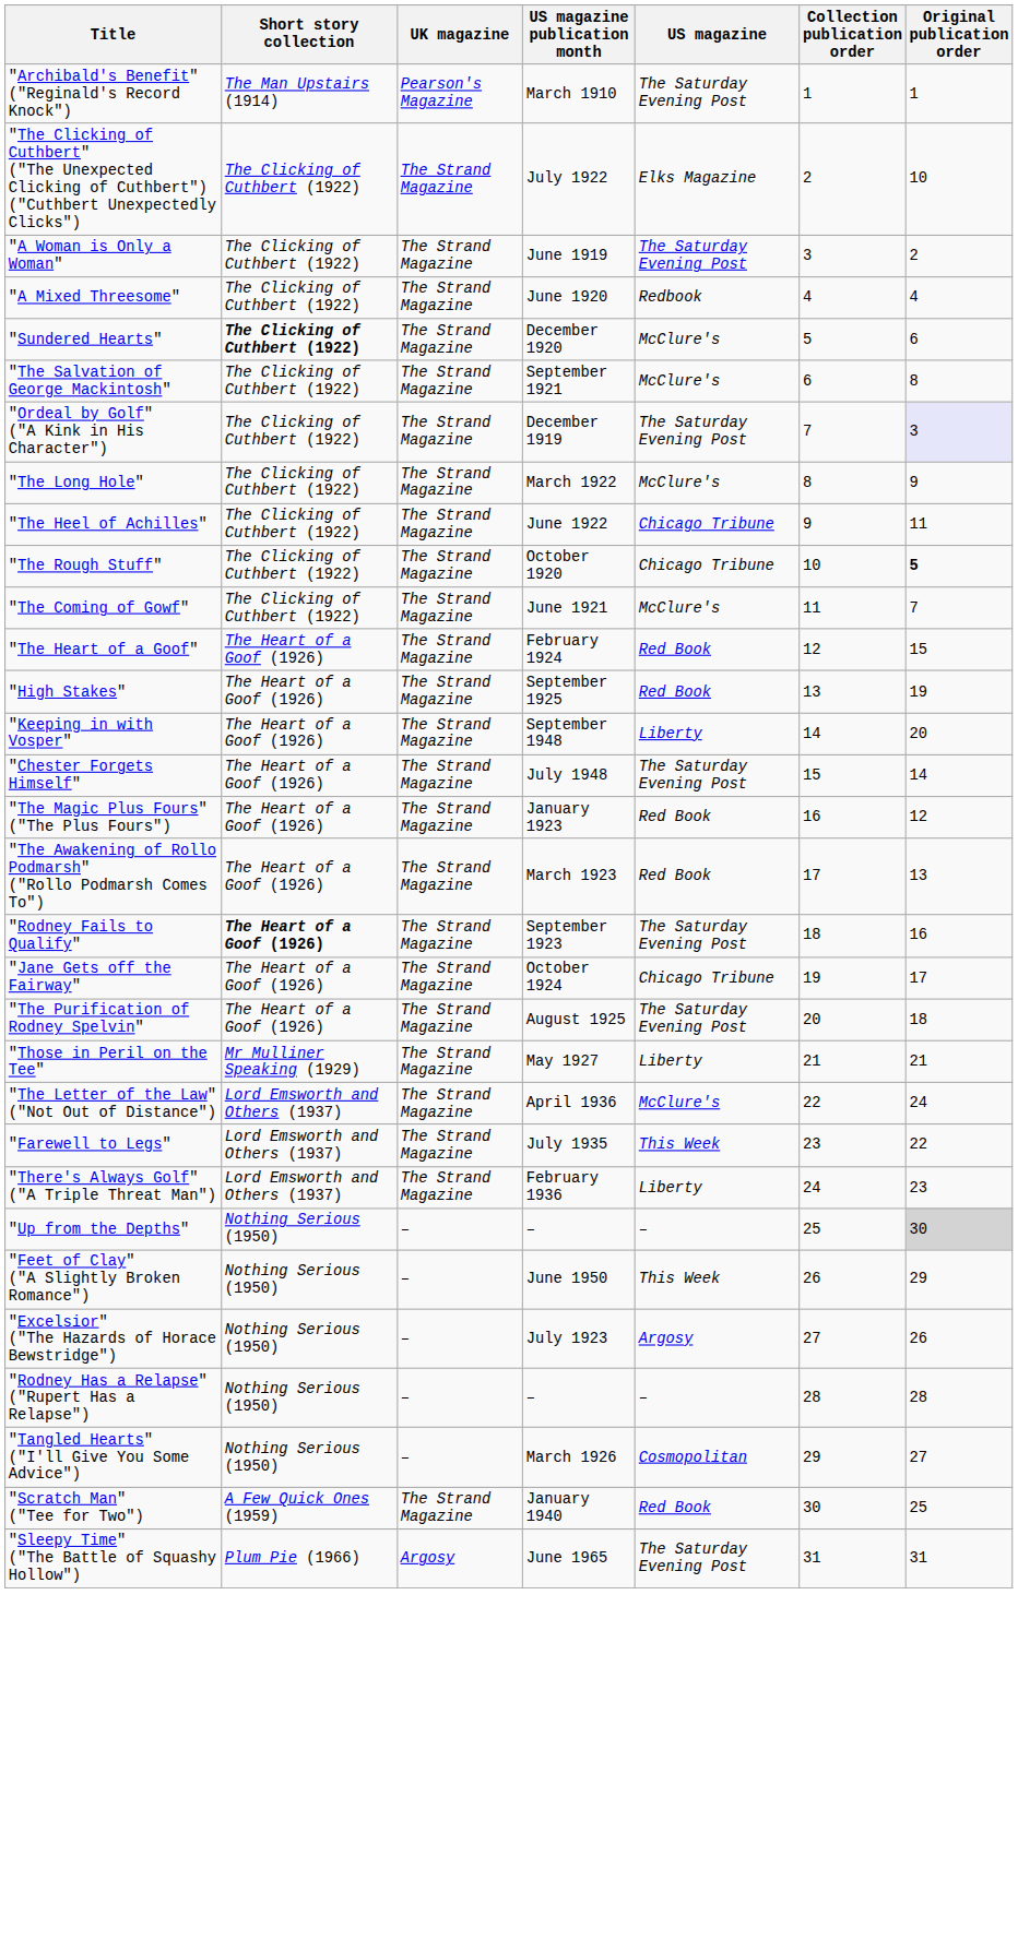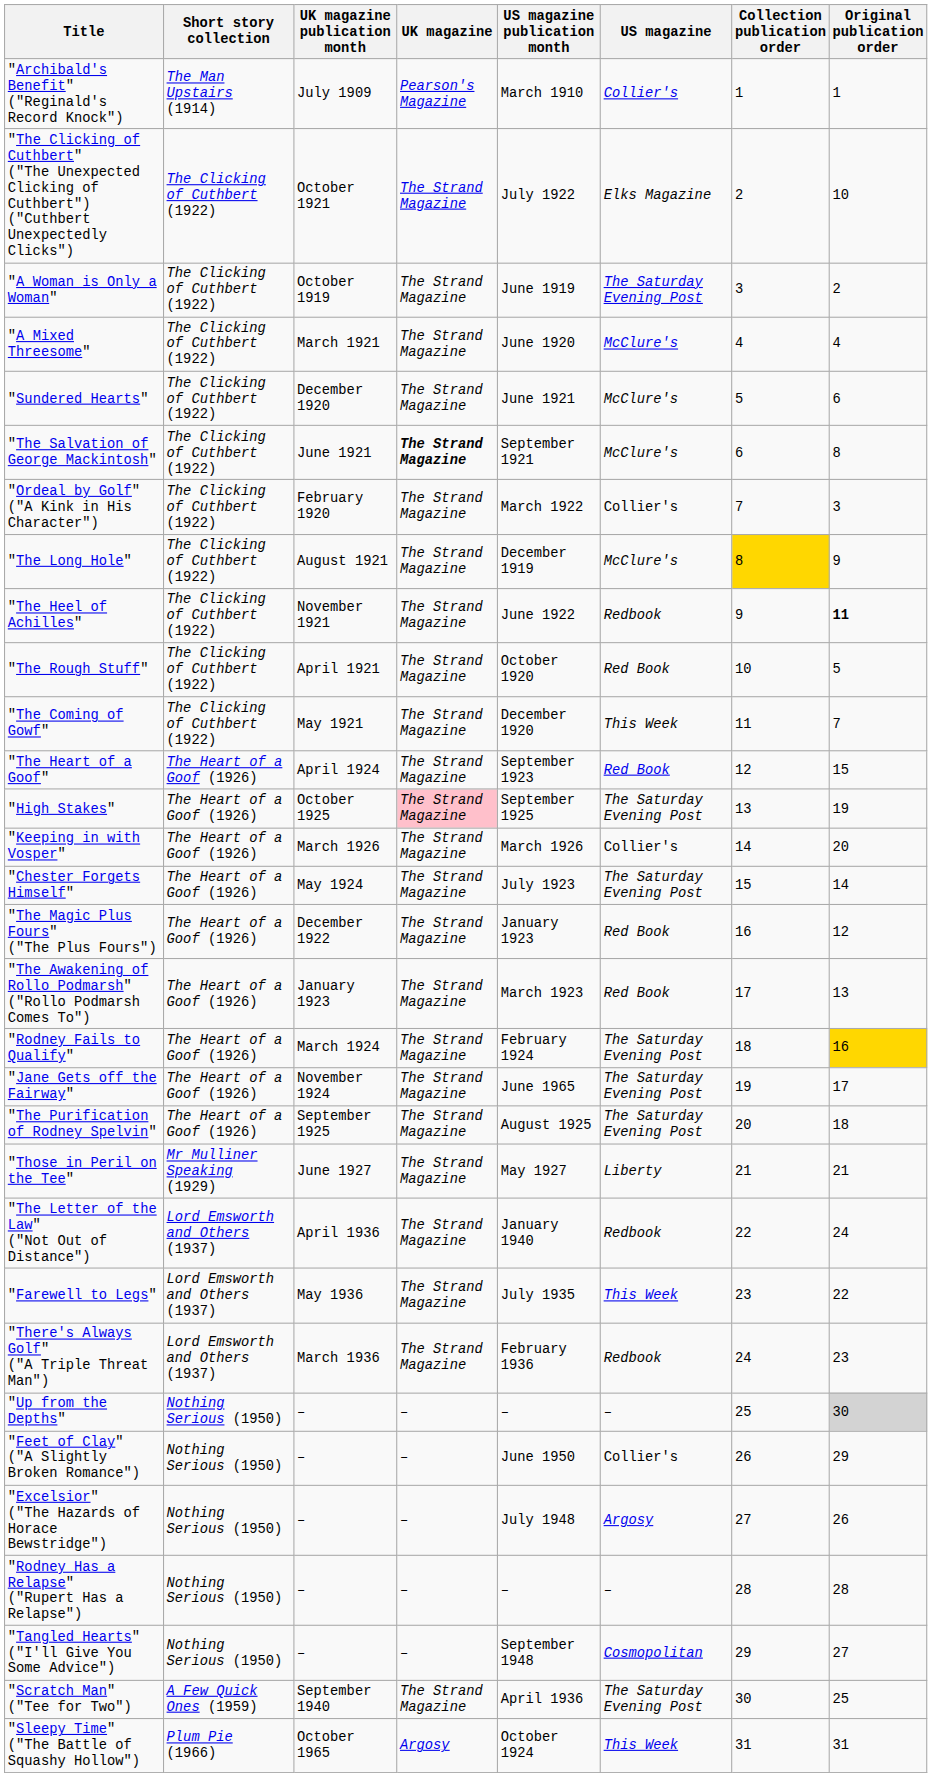 <table class="wikitable sortable">
 <tr>
 <th>Title</th>
 <th>Short story collection</th>
+<th style="width: 7em;">UK magazine publication month</th>
 <th>UK magazine</th>
 <th style="width: 7em;">US magazine publication month</th>
 <th>US magazine</th>
 <th style="width: 1em;">Collection publication order</th>
 <th style="width: 1em;">Original publication order</th>
 </tr>
 <tr>
 <td>"<a href='#'>Archibald's Benefit</a>"<br>("Reginald's Record Knock")</td>
 <td data-sort-value="1914"><em><a href='#'>The Man Upstairs</a></em> (1914)</td>
+<td data-sort-value="1909-07">July 1909</td>
 <td><em><a href='#'>Pearson's Magazine</a></em></td>
 <td data-sort-value="1910-03">March 1910</td>
-<td data-sort-value="Saturday"><em>The Saturday Evening Post</em></td>
+<td><em><a href='#'>Collier's</a></em></td>
 <td>1</td>
 <td>1</td>
 </tr>
 <tr>
 <td>"<a href='#'>The Clicking of Cuthbert</a>"<br>("The Unexpected Clicking of Cuthbert")<br>("Cuthbert Unexpectedly Clicks")</td>
 <td data-sort-value="1922"><em><a href='#'>The Clicking of Cuthbert</a></em> (1922)</td>
+<td data-sort-value="1921-10">October 1921</td>
 <td data-sort-value="Strand"><em><a href='#'>The Strand Magazine</a></em></td>
 <td data-sort-value="1922-07">July 1922</td>
 <td><em>Elks Magazine</em></td>
 <td>2</td>
 <td>10</td>
 </tr>
 <tr>
 <td>"<a href='#'>A Woman is Only a Woman</a>"</td>
 <td data-sort-value="1922"><em>The Clicking of Cuthbert</em> (1922)</td>
+<td data-sort-value="1919-10">October 1919</td>
 <td data-sort-value="Strand"><em>The Strand Magazine</em></td>
 <td data-sort-value="1919-06">June 1919</td>
 <td data-sort-value="Saturday"><em><a href='#'>The Saturday Evening Post</a></em></td>
 <td>3</td>
 <td>2</td>
 </tr>
 <tr>
 <td>"<a href='#'>A Mixed Threesome</a>"</td>
 <td data-sort-value="1922"><em>The Clicking of Cuthbert</em> (1922)</td>
+<td data-sort-value="1921-03">March 1921</td>
 <td data-sort-value="Strand"><em>The Strand Magazine</em></td>
 <td data-sort-value="1920-06">June 1920</td>
-<td><em>Redbook</em></td>
+<td><em><a href='#'>McClure's</a></em></td>
 <td>4</td>
 <td>4</td>
 </tr>
 <tr>
 <td>"<a href='#'>Sundered Hearts</a>"</td>
-<td data-sort-value="1922"><strong><em>The Clicking of Cuthbert</em> (1922)</strong></td>
+<td data-sort-value="1922"><em>The Clicking of Cuthbert</em> (1922)</td>
+<td data-sort-value="1920-12">December 1920</td>
 <td data-sort-value="Strand"><em>The Strand Magazine</em></td>
-<td data-sort-value="1920-12">December 1920</td>
+<td data-sort-value="1921-06">June 1921</td>
 <td><em>McClure's</em></td>
 <td>5</td>
 <td>6</td>
 </tr>
 <tr>
 <td>"<a href='#'>The Salvation of George Mackintosh</a>"</td>
 <td data-sort-value="1922"><em>The Clicking of Cuthbert</em> (1922)</td>
-<td data-sort-value="Strand"><em>The Strand Magazine</em></td>
+<td data-sort-value="1921-06">June 1921</td>
+<td data-sort-value="Strand"><strong><em>The Strand Magazine</em></strong></td>
 <td data-sort-value="1921-09">September 1921</td>
 <td><em>McClure's</em></td>
 <td>6</td>
 <td>8</td>
 </tr>
 <tr>
 <td>"<a href='#'>Ordeal by Golf</a>"<br>("A Kink in His Character")</td>
 <td data-sort-value="1922"><em>The Clicking of Cuthbert</em> (1922)</td>
+<td data-sort-value="1920-02">February 1920</td>
 <td data-sort-value="Strand"><em>The Strand Magazine</em></td>
-<td data-sort-value="1919-12">December 1919</td>
-<td data-sort-value="Saturday"><em>The Saturday Evening Post</em></td>
+<td data-sort-value="1922-03">March 1922</td>
+<td>Collier's</td>
 <td>7</td>
-<td style="background: lavender;">3</td>
+<td>3</td>
 </tr>
 <tr>
 <td>"<a href='#'>The Long Hole</a>"</td>
 <td data-sort-value="1922"><em>The Clicking of Cuthbert</em> (1922)</td>
+<td data-sort-value="1921-08">August 1921</td>
 <td data-sort-value="Strand"><em>The Strand Magazine</em></td>
-<td data-sort-value="1922-03">March 1922</td>
+<td data-sort-value="1919-12">December 1919</td>
 <td><em>McClure's</em></td>
-<td>8</td>
+<td style="background: gold;">8</td>
 <td>9</td>
 </tr>
 <tr>
 <td>"<a href='#'>The Heel of Achilles</a>"</td>
 <td data-sort-value="1922"><em>The Clicking of Cuthbert</em> (1922)</td>
+<td data-sort-value="1921-11">November 1921</td>
 <td data-sort-value="Strand"><em>The Strand Magazine</em></td>
 <td data-sort-value="1922-06">June 1922</td>
-<td><em><a href='#'>Chicago Tribune</a></em></td>
+<td><em>Redbook</em></td>
 <td>9</td>
-<td>11</td>
+<td><strong>11</strong></td>
 </tr>
 <tr>
 <td>"<a href='#'>The Rough Stuff</a>"</td>
 <td data-sort-value="1922"><em>The Clicking of Cuthbert</em> (1922)</td>
+<td data-sort-value="1921-04">April 1921</td>
 <td data-sort-value="Strand"><em>The Strand Magazine</em></td>
 <td data-sort-value="1920-10">October 1920</td>
-<td><em>Chicago Tribune</em></td>
+<td><em>Red Book</em></td>
 <td>10</td>
-<td><strong>5</strong></td>
+<td>5</td>
 </tr>
 <tr>
 <td>"<a href='#'>The Coming of Gowf</a>"</td>
 <td data-sort-value="1922"><em>The Clicking of Cuthbert</em> (1922)</td>
+<td data-sort-value="1921-05">May 1921</td>
 <td data-sort-value="Strand"><em>The Strand Magazine</em></td>
-<td data-sort-value="1921-06">June 1921</td>
-<td><em>McClure's</em></td>
+<td data-sort-value="1920-12">December 1920</td>
+<td><em>This Week</em></td>
 <td>11</td>
 <td>7</td>
 </tr>
 <tr>
 <td>"<a href='#'>The Heart of a Goof</a>"</td>
 <td data-sort-value="1926"><em><a href='#'>The Heart of a Goof</a></em> (1926)</td>
+<td data-sort-value="1924-04">April 1924</td>
 <td data-sort-value="Strand"><em>The Strand Magazine</em></td>
-<td data-sort-value="1924-02">February 1924</td>
+<td data-sort-value="1923-09">September 1923</td>
 <td><em><a href='#'>Red Book</a></em></td>
 <td>12</td>
 <td>15</td>
 </tr>
 <tr>
 <td>"<a href='#'>High Stakes</a>"</td>
 <td data-sort-value="1926"><em>The Heart of a Goof</em> (1926)</td>
-<td data-sort-value="Strand"><em>The Strand Magazine</em></td>
+<td data-sort-value="1925-10">October 1925</td>
+<td data-sort-value="Strand" style="background: pink;"><em>The Strand Magazine</em></td>
 <td data-sort-value="1925-09">September 1925</td>
-<td><em><a href='#'>Red Book</a></em></td>
+<td data-sort-value="Saturday"><em>The Saturday Evening Post</em></td>
 <td>13</td>
 <td>19</td>
 </tr>
 <tr>
 <td>"<a href='#'>Keeping in with Vosper</a>"</td>
 <td data-sort-value="1926"><em>The Heart of a Goof</em> (1926)</td>
+<td data-sort-value="1926-03">March 1926</td>
 <td data-sort-value="Strand"><em>The Strand Magazine</em></td>
-<td data-sort-value="1948-09">September 1948</td>
-<td><em><a href='#'>Liberty</a></em></td>
+<td data-sort-value="1926-03">March 1926</td>
+<td>Collier's</td>
 <td>14</td>
 <td>20</td>
 </tr>
 <tr>
 <td>"<a href='#'>Chester Forgets Himself</a>"</td>
 <td data-sort-value="1926"><em>The Heart of a Goof</em> (1926)</td>
+<td data-sort-value="1924-05">May 1924</td>
 <td data-sort-value="Strand"><em>The Strand Magazine</em></td>
-<td data-sort-value="1948-07">July 1948</td>
+<td data-sort-value="1923-07">July 1923</td>
 <td data-sort-value="Saturday"><em>The Saturday Evening Post</em></td>
 <td>15</td>
 <td>14</td>
 </tr>
 <tr>
 <td>"<a href='#'>The Magic Plus Fours</a>"<br>("The Plus Fours")</td>
 <td data-sort-value="1926"><em>The Heart of a Goof</em> (1926)</td>
+<td data-sort-value="1922-12">December 1922</td>
 <td data-sort-value="Strand"><em>The Strand Magazine</em></td>
 <td data-sort-value="1923-01">January 1923</td>
 <td><em>Red Book</em></td>
 <td>16</td>
 <td>12</td>
 </tr>
 <tr>
 <td>"<a href='#'>The Awakening of Rollo Podmarsh</a>"<br>("Rollo Podmarsh Comes To")</td>
 <td data-sort-value="1926"><em>The Heart of a Goof</em> (1926)</td>
+<td data-sort-value="1923-01">January 1923</td>
 <td data-sort-value="Strand"><em>The Strand Magazine</em></td>
 <td data-sort-value="1923-03">March 1923</td>
 <td><em>Red Book</em></td>
 <td>17</td>
 <td>13</td>
 </tr>
 <tr>
 <td>"<a href='#'>Rodney Fails to Qualify</a>"</td>
-<td data-sort-value="1926"><strong><em>The Heart of a Goof</em> (1926)</strong></td>
+<td data-sort-value="1926"><em>The Heart of a Goof</em> (1926)</td>
+<td data-sort-value="1924-03">March 1924</td>
 <td data-sort-value="Strand"><em>The Strand Magazine</em></td>
-<td data-sort-value="1923-09">September 1923</td>
+<td data-sort-value="1924-02">February 1924</td>
 <td data-sort-value="Saturday"><em>The Saturday Evening Post</em></td>
 <td>18</td>
-<td>16</td>
+<td style="background: gold;">16</td>
 </tr>
 <tr>
 <td>"<a href='#'>Jane Gets off the Fairway</a>"</td>
 <td data-sort-value="1926"><em>The Heart of a Goof</em> (1926)</td>
+<td data-sort-value="1924-11">November 1924</td>
 <td data-sort-value="Strand"><em>The Strand Magazine</em></td>
-<td data-sort-value="1924-10">October 1924</td>
-<td><em>Chicago Tribune</em></td>
+<td data-sort-value="1965-06">June 1965</td>
+<td data-sort-value="Saturday"><em>The Saturday Evening Post</em></td>
 <td>19</td>
 <td>17</td>
 </tr>
 <tr>
 <td>"<a href='#'>The Purification of Rodney Spelvin</a>"</td>
 <td data-sort-value="1926"><em>The Heart of a Goof</em> (1926)</td>
+<td data-sort-value="1925-09">September 1925</td>
 <td data-sort-value="Strand"><em>The Strand Magazine</em></td>
 <td data-sort-value="1925-08">August 1925</td>
 <td data-sort-value="Saturday"><em>The Saturday Evening Post</em></td>
 <td>20</td>
 <td>18</td>
 </tr>
 <tr>
 <td>"<a href='#'>Those in Peril on the Tee</a>"</td>
 <td data-sort-value="1929"><em><a href='#'>Mr Mulliner Speaking</a></em> (1929)</td>
+<td data-sort-value="1927-06">June 1927</td>
 <td data-sort-value="Strand"><em>The Strand Magazine</em></td>
 <td data-sort-value="1927-05">May 1927</td>
 <td><em>Liberty</em></td>
 <td>21</td>
 <td>21</td>
 </tr>
 <tr>
 <td>"<a href='#'>The Letter of the Law</a>"<br>("Not Out of Distance")</td>
 <td data-sort-value="1937"><em><a href='#'>Lord Emsworth and Others</a></em> (1937)</td>
+<td data-sort-value="1936-04">April 1936</td>
 <td data-sort-value="Strand"><em>The Strand Magazine</em></td>
-<td data-sort-value="1936-04">April 1936</td>
-<td><em><a href='#'>McClure's</a></em></td>
+<td data-sort-value="1940-01">January 1940</td>
+<td><em>Redbook</em></td>
 <td>22</td>
 <td>24</td>
 </tr>
 <tr>
 <td>"<a href='#'>Farewell to Legs</a>"</td>
 <td data-sort-value="1937"><em>Lord Emsworth and Others</em> (1937)</td>
+<td data-sort-value="1936-05">May 1936</td>
 <td data-sort-value="Strand"><em>The Strand Magazine</em></td>
 <td data-sort-value="1935-07">July 1935</td>
 <td><em><a href='#'>This Week</a></em></td>
 <td>23</td>
 <td>22</td>
 </tr>
 <tr>
 <td>"<a href='#'>There's Always Golf</a>"<br>("A Triple Threat Man")</td>
 <td data-sort-value="1937"><em>Lord Emsworth and Others</em> (1937)</td>
+<td data-sort-value="1936-03">March 1936</td>
 <td data-sort-value="Strand"><em>The Strand Magazine</em></td>
 <td data-sort-value="1936-02">February 1936</td>
-<td><em>Liberty</em></td>
+<td><em>Redbook</em></td>
 <td>24</td>
 <td>23</td>
 </tr>
 <tr>
 <td>"<a href='#'>Up from the Depths</a>"</td>
 <td data-sort-value="1950"><em><a href='#'>Nothing Serious</a></em> (1950)</td>
+<td data-sort-value="9999">–</td>
 <td data-sort-value="zz">–</td>
 <td data-sort-value="9999">–</td>
 <td data-sort-value="zz">–</td>
 <td>25</td>
 <td style="background: lightgrey;">30</td>
 </tr>
 <tr>
 <td>"<a href='#'>Feet of Clay</a>"<br>("A Slightly Broken Romance")</td>
 <td data-sort-value="1950"><em>Nothing Serious</em> (1950)</td>
+<td data-sort-value="9999">–</td>
 <td data-sort-value="zz">–</td>
 <td data-sort-value="1950-06">June 1950</td>
-<td><em>This Week</em></td>
+<td>Collier's</td>
 <td>26</td>
 <td>29</td>
 </tr>
 <tr>
 <td>"<a href='#'>Excelsior</a>"<br>("The Hazards of Horace Bewstridge")</td>
 <td data-sort-value="1950"><em>Nothing Serious</em> (1950)</td>
+<td data-sort-value="9999">–</td>
 <td data-sort-value="zz">–</td>
-<td data-sort-value="1923-07">July 1923</td>
+<td data-sort-value="1948-07">July 1948</td>
 <td><em><a href='#'>Argosy</a></em></td>
 <td>27</td>
 <td>26</td>
 </tr>
 <tr>
 <td>"<a href='#'>Rodney Has a Relapse</a>"<br>("Rupert Has a Relapse")</td>
 <td data-sort-value="1950"><em>Nothing Serious</em> (1950)</td>
+<td data-sort-value="9999">–</td>
 <td data-sort-value="zz">–</td>
 <td data-sort-value="9999">–</td>
 <td data-sort-value="zz">–</td>
 <td>28</td>
 <td>28</td>
 </tr>
 <tr>
 <td>"<a href='#'>Tangled Hearts</a>"<br>("I'll Give You Some Advice")</td>
 <td data-sort-value="1950"><em>Nothing Serious</em> (1950)</td>
+<td data-sort-value="9999">–</td>
 <td data-sort-value="zz">–</td>
-<td data-sort-value="1926-03">March 1926</td>
+<td data-sort-value="1948-09">September 1948</td>
 <td><em><a href='#'>Cosmopolitan</a></em></td>
 <td>29</td>
 <td>27</td>
 </tr>
 <tr>
 <td>"<a href='#'>Scratch Man</a>"<br>("Tee for Two")</td>
 <td data-sort-value="1959"><em><a href='#'>A Few Quick Ones</a></em> (1959)</td>
+<td data-sort-value="1940-09">September 1940</td>
 <td data-sort-value="Strand"><em>The Strand Magazine</em></td>
-<td data-sort-value="1940-01">January 1940</td>
-<td><em><a href='#'>Red Book</a></em></td>
+<td data-sort-value="1936-04">April 1936</td>
+<td data-sort-value="Saturday"><em>The Saturday Evening Post</em></td>
 <td>30</td>
 <td>25</td>
 </tr>
 <tr>
 <td>"<a href='#'>Sleepy Time</a>"<br>("The Battle of Squashy Hollow")</td>
 <td data-sort-value="1966"><em><a href='#'>Plum Pie</a></em> (1966)</td>
+<td data-sort-value="1965-10">October 1965</td>
 <td><em><a href='#'>Argosy</a></em></td>
-<td data-sort-value="1965-06">June 1965</td>
-<td data-sort-value="Saturday"><em>The Saturday Evening Post</em></td>
+<td data-sort-value="1924-10">October 1924</td>
+<td><em><a href='#'>This Week</a></em></td>
 <td>31</td>
 <td>31</td>
 </tr>
 </table>
